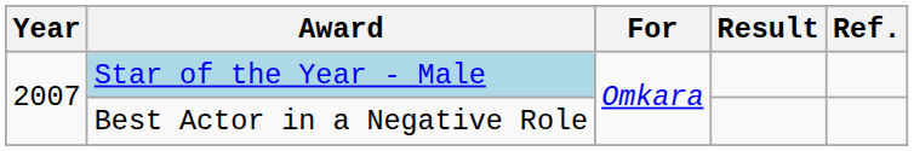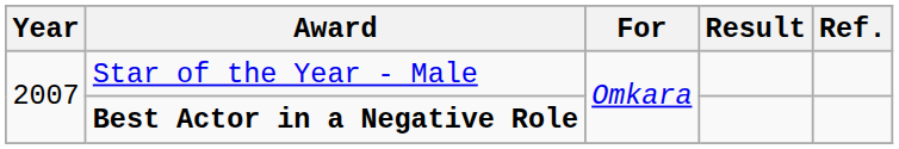 <table class= "wikitable sortable">
 <tr>
 <th>Year</th>
 <th>Award</th>
 <th>For</th>
 <th>Result</th>
 <th>Ref.</th>
 </tr>
 <tr>
 <td rowspan="2">2007</td>
-<td style="background: lightblue;"><a href='#'>Star of the Year - Male</a></td>
+<td><a href='#'>Star of the Year - Male</a></td>
 <td rowspan="2"><em><a href='#'>Omkara</a></em></td>
 <td></td>
 <td></td>
 </tr>
 <tr>
-<td>Best Actor in a Negative Role</td>
+<td><strong>Best Actor in a Negative Role</strong></td>
 <td></td>
 <td></td>
 </tr>
 </table>
